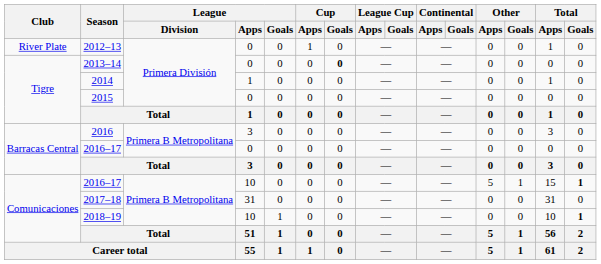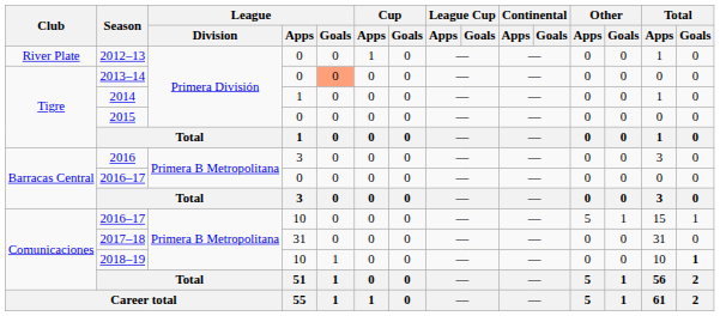 <table class="wikitable" style="text-align:center">
 <tr>
 <th rowspan="2">Club</th>
 <th rowspan="2">Season</th>
 <th colspan="3">League</th>
 <th colspan="2">Cup</th>
 <th colspan="2">League Cup</th>
 <th colspan="2">Continental</th>
 <th colspan="2">Other</th>
 <th colspan="2">Total</th>
 </tr>
 <tr>
 <th>Division</th>
 <th>Apps</th>
 <th>Goals</th>
 <th>Apps</th>
 <th>Goals</th>
 <th>Apps</th>
 <th>Goals</th>
 <th>Apps</th>
 <th>Goals</th>
 <th>Apps</th>
 <th>Goals</th>
 <th>Apps</th>
 <th>Goals</th>
 </tr>
 <tr>
 <td rowspan="1"><a href='#'>River Plate</a></td>
 <td><a href='#'>2012–13</a></td>
 <td rowspan="4"><a href='#'>Primera División</a></td>
 <td>0</td>
 <td>0</td>
 <td>1</td>
 <td>0</td>
 <td colspan="2">—</td>
 <td colspan="2">—</td>
 <td>0</td>
 <td>0</td>
 <td>1</td>
 <td>0</td>
 </tr>
 <tr>
 <td rowspan="4"><a href='#'>Tigre</a></td>
 <td><a href='#'>2013–14</a></td>
 <td>0</td>
+<td style="background: lightsalmon;">0</td>
 <td>0</td>
 <td>0</td>
-<td><strong>0</strong></td>
 <td colspan="2">—</td>
 <td colspan="2">—</td>
 <td>0</td>
 <td>0</td>
 <td>0</td>
 <td>0</td>
 </tr>
 <tr>
 <td><a href='#'>2014</a></td>
 <td>1</td>
 <td>0</td>
 <td>0</td>
 <td>0</td>
 <td colspan="2">—</td>
 <td colspan="2">—</td>
 <td>0</td>
 <td>0</td>
 <td>1</td>
 <td>0</td>
 </tr>
 <tr>
 <td><a href='#'>2015</a></td>
 <td>0</td>
 <td>0</td>
 <td>0</td>
 <td>0</td>
 <td colspan="2">—</td>
 <td colspan="2">—</td>
 <td>0</td>
 <td>0</td>
 <td>0</td>
 <td>0</td>
 </tr>
 <tr>
 <th colspan="2">Total</th>
 <th>1</th>
 <th>0</th>
 <th>0</th>
 <th>0</th>
 <th colspan="2">—</th>
 <th colspan="2">—</th>
 <th>0</th>
 <th>0</th>
 <th>1</th>
 <th>0</th>
 </tr>
 <tr>
 <td rowspan="3"><a href='#'>Barracas Central</a></td>
 <td><a href='#'>2016</a></td>
 <td rowspan="2"><a href='#'>Primera B Metropolitana</a></td>
 <td>3</td>
 <td>0</td>
 <td>0</td>
 <td>0</td>
 <td colspan="2">—</td>
 <td colspan="2">—</td>
 <td>0</td>
 <td>0</td>
 <td>3</td>
 <td>0</td>
 </tr>
 <tr>
 <td><a href='#'>2016–17</a></td>
 <td>0</td>
 <td>0</td>
 <td>0</td>
 <td>0</td>
 <td colspan="2">—</td>
 <td colspan="2">—</td>
 <td>0</td>
 <td>0</td>
 <td>0</td>
 <td>0</td>
 </tr>
 <tr>
 <th colspan="2">Total</th>
 <th>3</th>
 <th>0</th>
 <th>0</th>
 <th>0</th>
 <th colspan="2">—</th>
 <th colspan="2">—</th>
 <th>0</th>
 <th>0</th>
 <th>3</th>
 <th>0</th>
 </tr>
 <tr>
 <td rowspan="4"><a href='#'>Comunicaciones</a></td>
 <td><a href='#'>2016–17</a></td>
 <td rowspan="3"><a href='#'>Primera B Metropolitana</a></td>
 <td>10</td>
 <td>0</td>
 <td>0</td>
 <td>0</td>
 <td colspan="2">—</td>
 <td colspan="2">—</td>
 <td>5</td>
 <td>1</td>
 <td>15</td>
-<td><strong>1</strong></td>
+<td>1</td>
 </tr>
 <tr>
 <td><a href='#'>2017–18</a></td>
 <td>31</td>
 <td>0</td>
 <td>0</td>
 <td>0</td>
 <td colspan="2">—</td>
 <td colspan="2">—</td>
 <td>0</td>
 <td>0</td>
 <td>31</td>
 <td>0</td>
 </tr>
 <tr>
 <td><a href='#'>2018–19</a></td>
 <td>10</td>
 <td>1</td>
 <td>0</td>
 <td>0</td>
 <td colspan="2">—</td>
 <td colspan="2">—</td>
 <td>0</td>
 <td>0</td>
 <td>10</td>
 <td><strong>1</strong></td>
 </tr>
 <tr>
 <th colspan="2">Total</th>
 <th>51</th>
 <th>1</th>
 <th>0</th>
 <th>0</th>
 <th colspan="2">—</th>
 <th colspan="2">—</th>
 <th>5</th>
 <th>1</th>
 <th>56</th>
 <th>2</th>
 </tr>
 <tr>
 <th colspan="3">Career total</th>
 <th>55</th>
 <th>1</th>
 <th>1</th>
 <th>0</th>
 <th colspan="2">—</th>
 <th colspan="2">—</th>
 <th>5</th>
 <th>1</th>
 <th>61</th>
 <th>2</th>
 </tr>
 </table>
